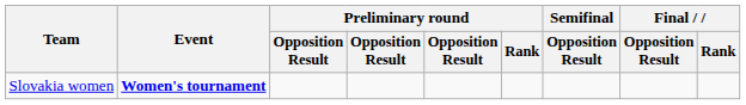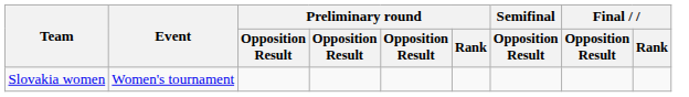 <table class=wikitable style=font-size:90%>
 <tr>
 <th rowspan=2>Team</th>
 <th rowspan=2>Event</th>
 <th colspan=4>Preliminary round</th>
 <th>Semifinal</th>
 <th colspan=2>Final /  / </th>
 </tr>
 <tr style=font-size:95%>
 <th>Opposition<br>Result</th>
 <th>Opposition<br>Result</th>
 <th>Opposition<br>Result</th>
 <th>Rank</th>
 <th>Opposition<br>Result</th>
 <th>Opposition<br>Result</th>
 <th>Rank</th>
 </tr>
 <tr align=center>
 <td align=left><a href='#'>Slovakia women</a></td>
-<td align=left><strong><a href='#'>Women's tournament</a></strong></td>
+<td align=left><a href='#'>Women's tournament</a></td>
 <td></td>
 <td></td>
 <td></td>
 <td></td>
 <td></td>
 <td></td>
 <td></td>
 </tr>
 </table>
